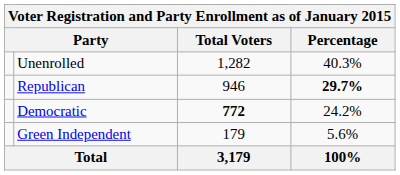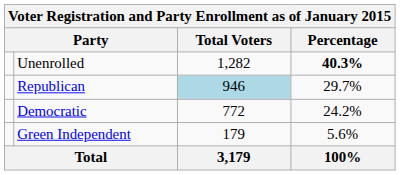 <table class=wikitable>
 <tr>
 <th colspan = 6>Voter Registration and Party Enrollment as of January 2015</th>
 </tr>
 <tr>
 <th colspan = 2>Party</th>
 <th>Total Voters</th>
 <th>Percentage</th>
 </tr>
 <tr>
 <td></td>
 <td>Unenrolled</td>
 <td align = center>1,282</td>
-<td align = center>40.3%</td>
+<td align = center><strong>40.3%</strong></td>
 </tr>
 <tr>
 <td></td>
 <td><a href='#'>Republican</a></td>
-<td align = center>946</td>
-<td align = center><strong>29.7%</strong></td>
+<td align = center style="background: lightblue;">946</td>
+<td align = center>29.7%</td>
 </tr>
 <tr>
 <td></td>
 <td><a href='#'>Democratic</a></td>
-<td align = center><strong>772</strong></td>
+<td align = center>772</td>
 <td align = center>24.2%</td>
 </tr>
 <tr>
 <td></td>
 <td><a href='#'>Green Independent</a></td>
 <td align = center>179</td>
 <td align = center>5.6%</td>
 </tr>
 <tr>
 <th colspan = 2>Total</th>
 <th align = center>3,179</th>
 <th align = center>100%</th>
 </tr>
 </table>
